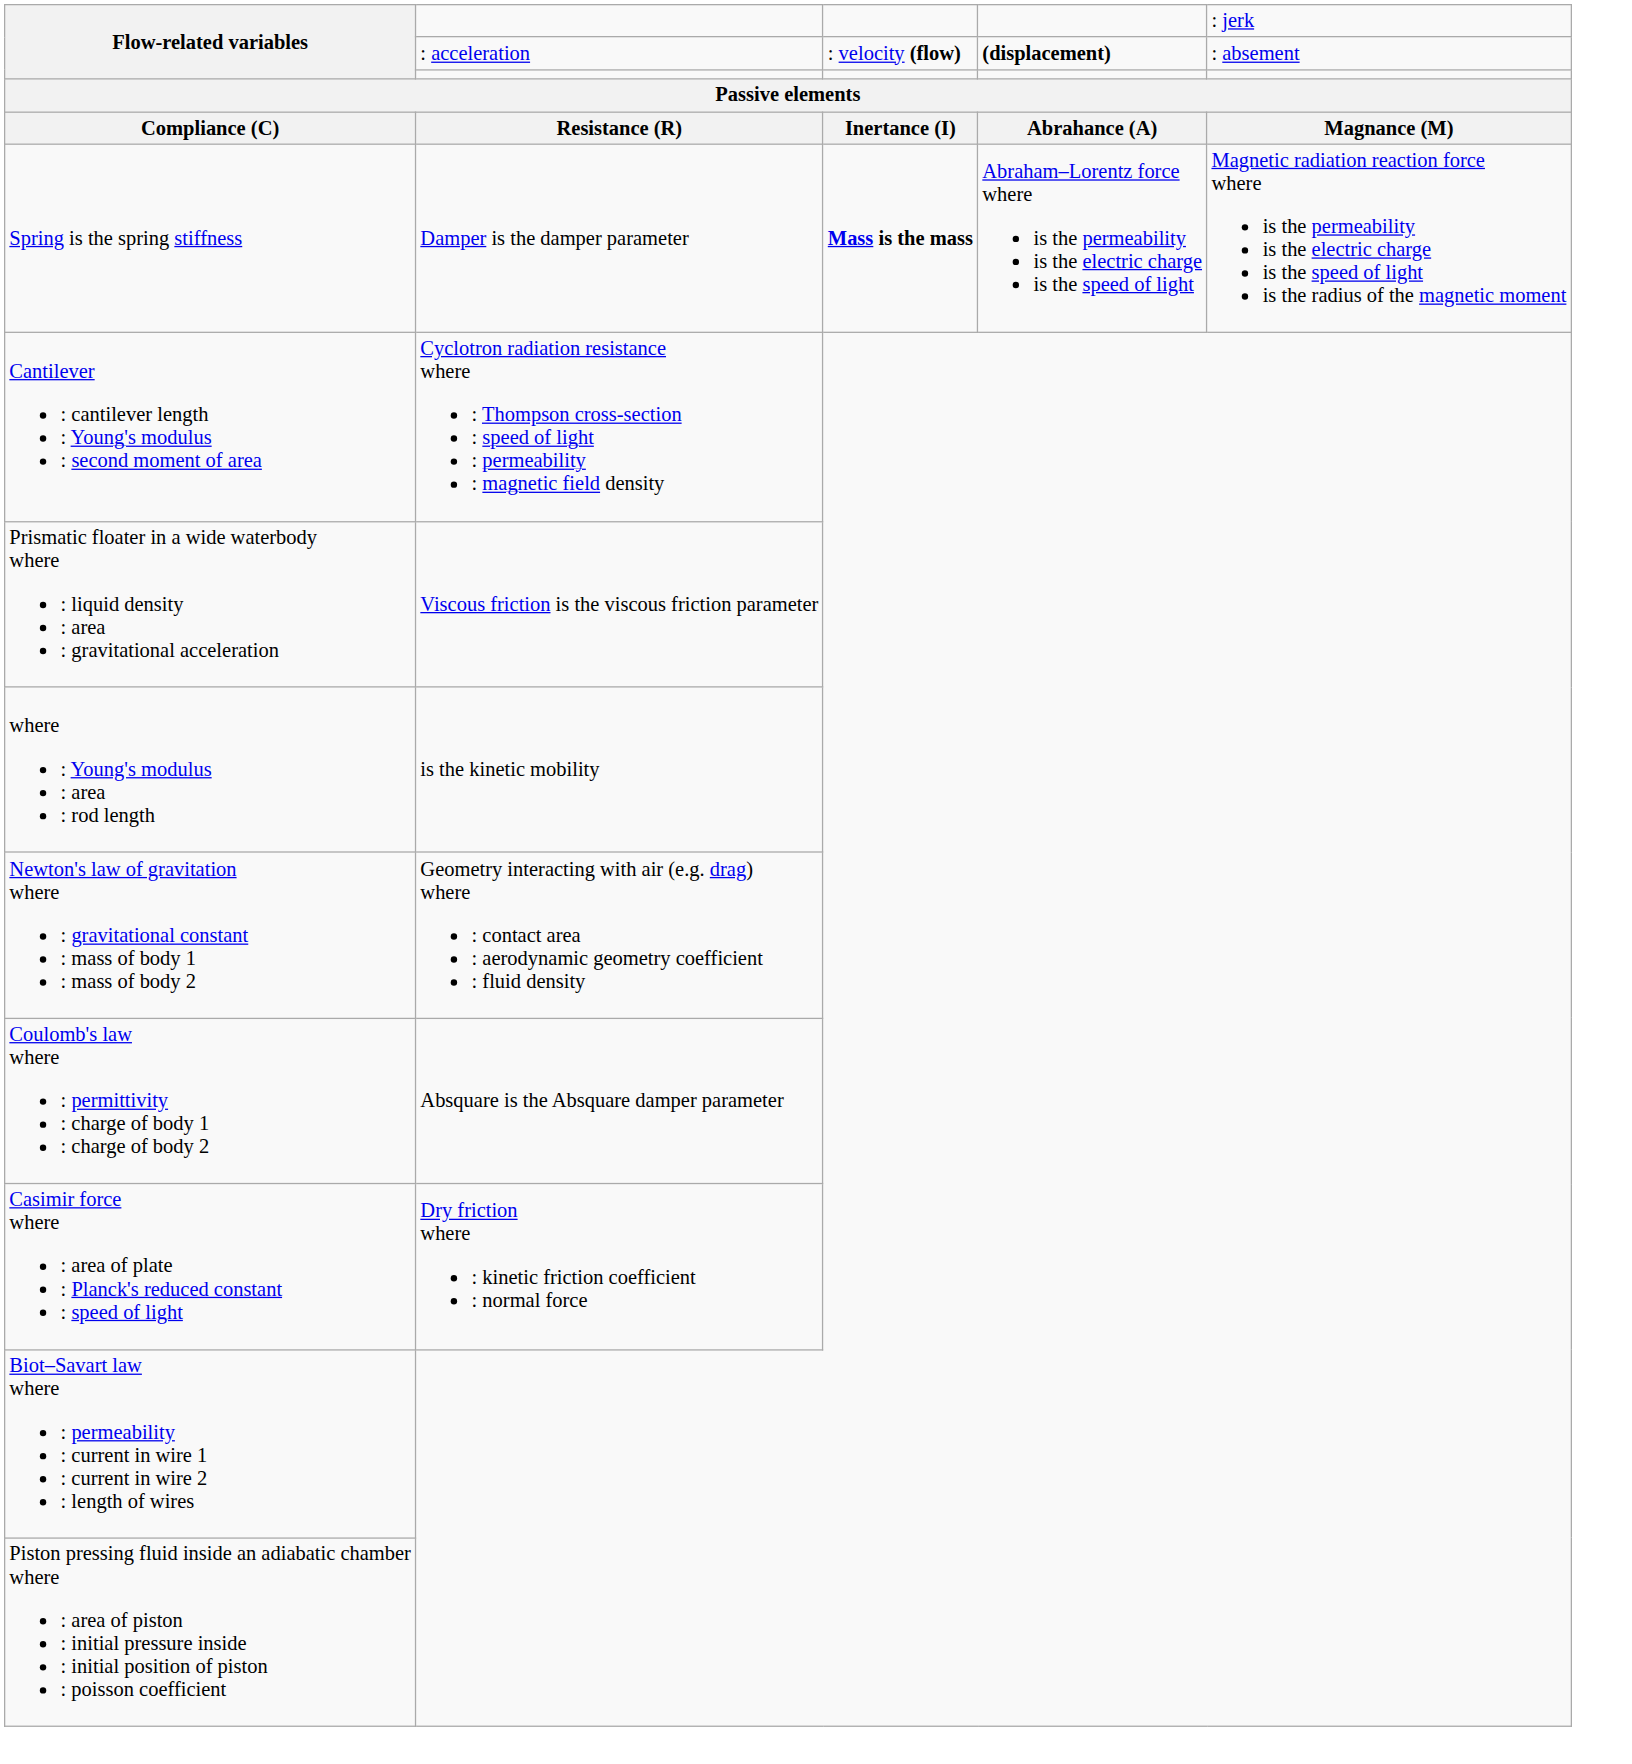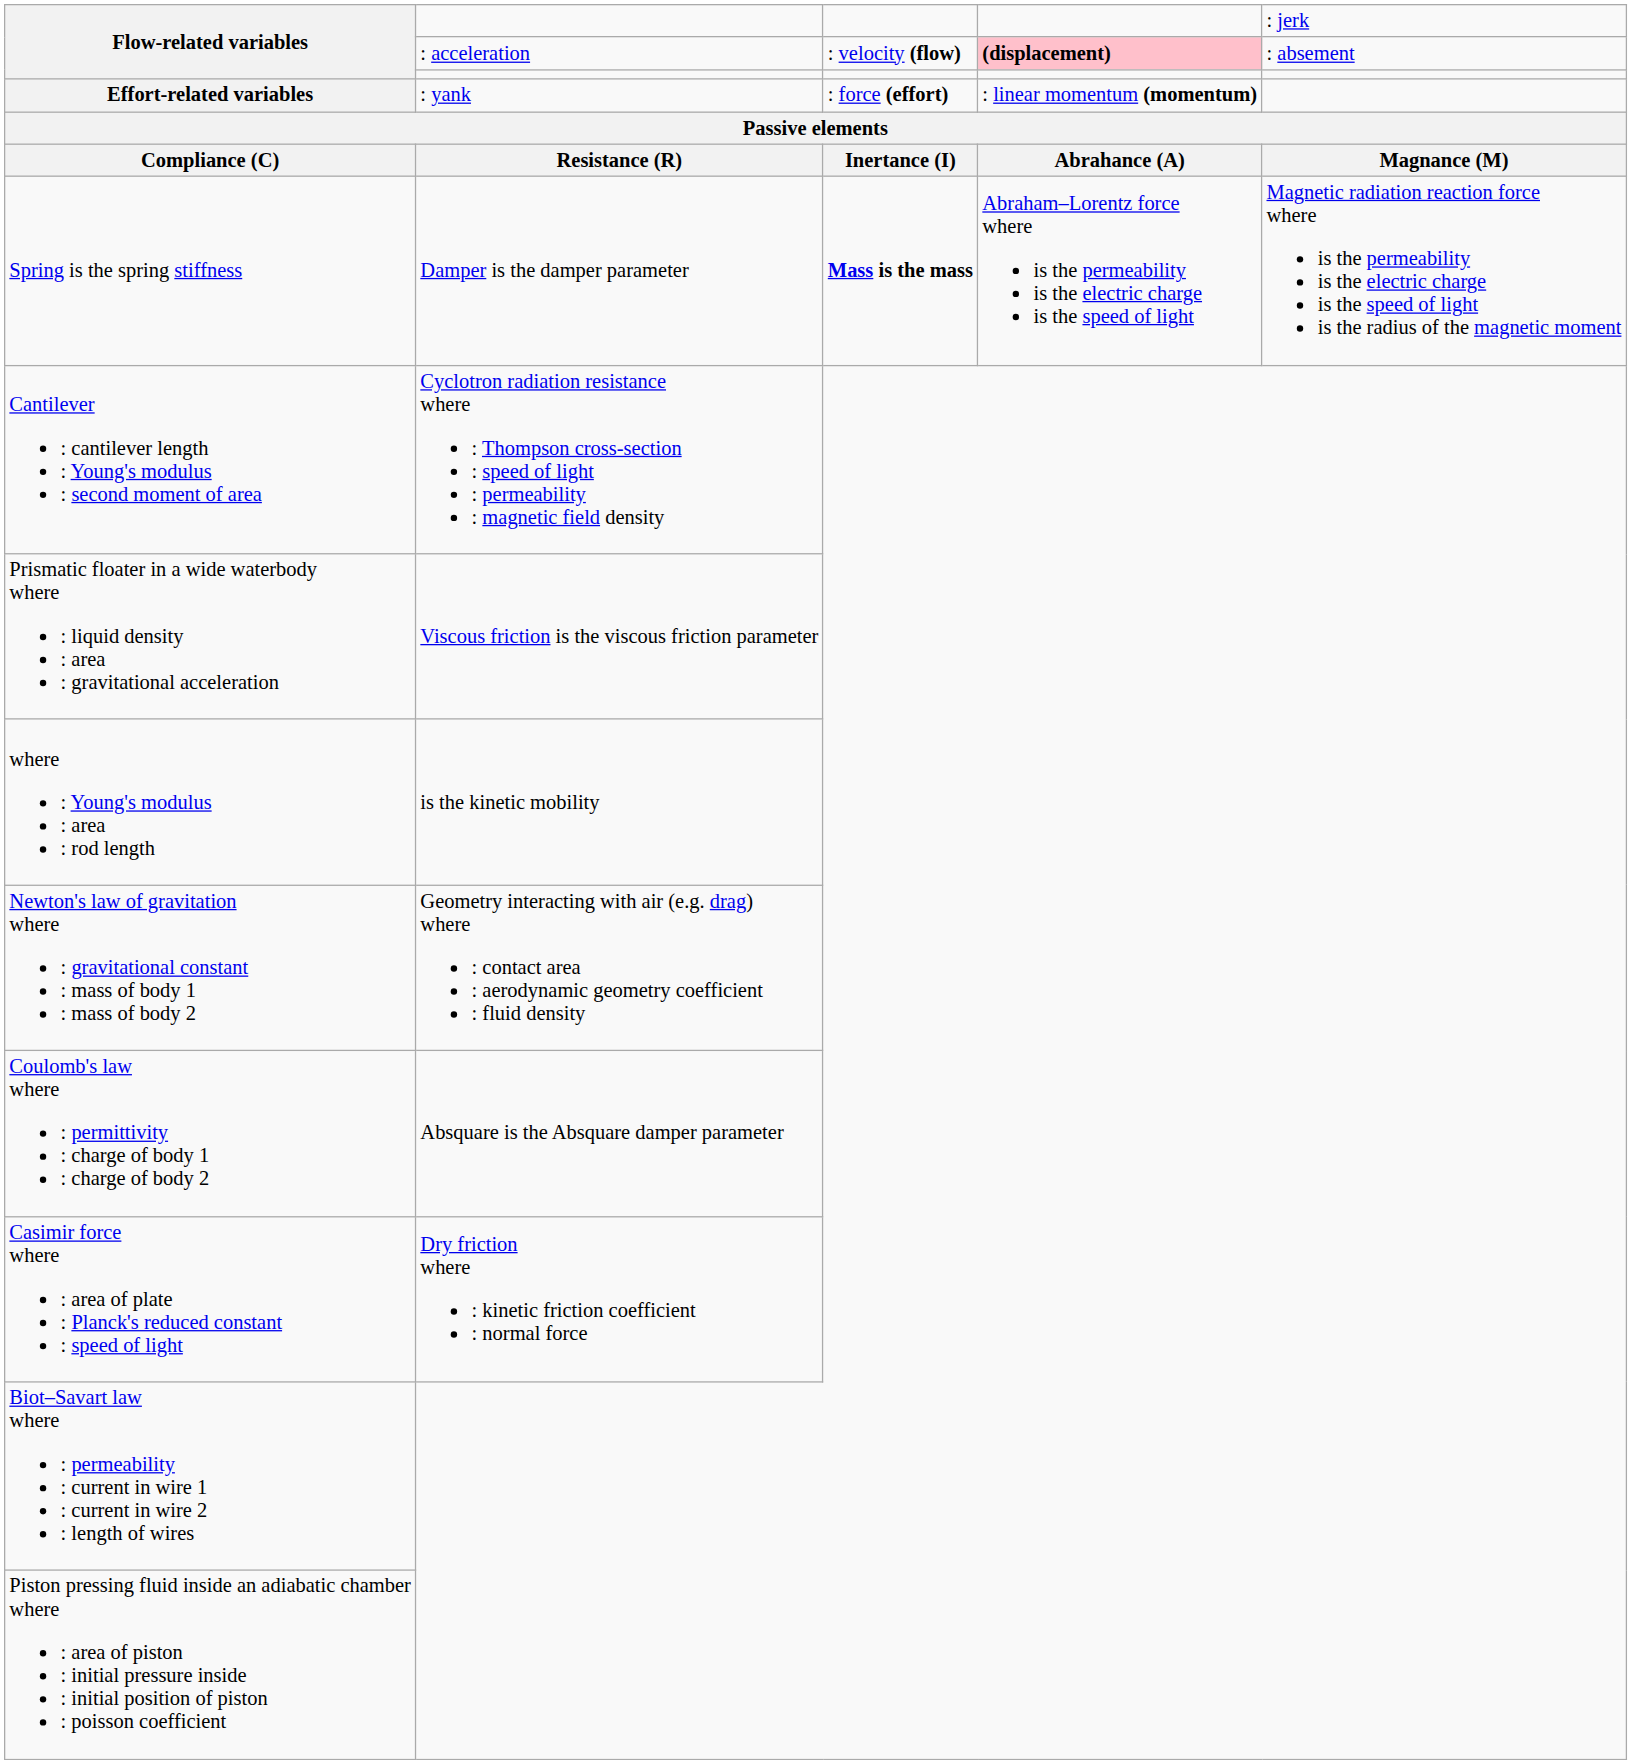 <table class="wikitable">
 <tr>
 <th rowspan="3">Flow-related variables</th>
 <td></td>
 <td></td>
 <td></td>
 <td>: <a href='#'>jerk</a></td>
 </tr>
 <tr>
 <td>: <a href='#'>acceleration</a></td>
 <td>: <a href='#'>velocity</a> <strong>(flow)</strong></td>
-<td> <strong>(displacement)</strong></td>
+<td style="background: pink;"> <strong>(displacement)</strong></td>
 <td>: <a href='#'>absement</a></td>
 </tr>
 <tr>
 <td></td>
 <td></td>
 <td></td>
+<td></td>
+</tr>
+<tr>
+<th>Effort-related variables</th>
+<td>: <a href='#'>yank</a></td>
+<td>: <a href='#'>force</a> <strong>(effort)</strong></td>
+<td>: <a href='#'>linear momentum</a> <strong>(momentum)</strong></td>
 <td></td>
 </tr>
 <tr>
 <th colspan="5">Passive elements</th>
 </tr>
 <tr>
 <th>Compliance (C)</th>
 <th>Resistance (R)</th>
 <th>Inertance (I)</th>
 <th>Abrahance (A)</th>
 <th>Magnance (M)</th>
 </tr>
 <tr>
 <td><a href='#'>Spring</a> is the spring <a href='#'>stiffness</a></td>
 <td><a href='#'>Damper</a> is the damper parameter</td>
 <td><strong><a href='#'>Mass</a> is the mass</strong></td>
 <td><a href='#'>Abraham–Lorentz force</a><br> where<ul><li> is the <a href='#'>permeability</a></li><li> is the <a href='#'>electric charge</a></li><li> is the <a href='#'>speed of light</a></li></ul></td>
 <td><a href='#'>Magnetic radiation reaction force</a><br> where<ul><li> is the <a href='#'>permeability</a></li><li> is the <a href='#'>electric charge</a></li><li> is the <a href='#'>speed of light</a></li><li> is the radius of the <a href='#'>magnetic moment</a></li></ul></td>
 </tr>
 <tr>
 <td><a href='#'>Cantilever</a><br><ul><li>: cantilever length</li><li>: <a href='#'>Young's modulus</a></li><li>: <a href='#'>second moment of area</a></li></ul></td>
 <td><a href='#'>Cyclotron radiation resistance</a><br> where<ul><li>: <a href='#'>Thompson cross-section</a></li><li>: <a href='#'>speed of light</a></li><li>: <a href='#'>permeability</a></li><li>: <a href='#'>magnetic field</a> density</li></ul></td>
 </tr>
 <tr>
 <td>Prismatic floater in a wide waterbody<br> where<ul><li>: liquid density</li><li>: area</li><li>: gravitational acceleration</li></ul></td>
 <td><a href='#'>Viscous friction</a> is the viscous friction parameter</td>
 </tr>
 <tr>
 <td><br>where<ul><li>: <a href='#'>Young's modulus</a></li><li>: area</li><li>: rod length</li></ul></td>
 <td> is the kinetic mobility</td>
 </tr>
 <tr>
 <td><a href='#'>Newton's law of gravitation</a><br> where<ul><li>: <a href='#'>gravitational constant</a></li><li>: mass of body 1</li><li>: mass of body 2</li></ul></td>
 <td>Geometry interacting with air (e.g. <a href='#'>drag</a>)<br> where<ul><li>: contact area</li><li>: aerodynamic geometry coefficient</li><li>: fluid density</li></ul></td>
 </tr>
 <tr>
 <td><a href='#'>Coulomb's law</a><br> where<ul><li>: <a href='#'>permittivity</a></li><li>: charge of body 1</li><li>: charge of body 2</li></ul></td>
 <td>Absquare is the Absquare damper parameter</td>
 </tr>
 <tr>
 <td><a href='#'>Casimir force</a><br> where<ul><li>: area of plate</li><li>: <a href='#'>Planck's reduced constant</a></li><li>: <a href='#'>speed of light</a></li></ul></td>
 <td><a href='#'>Dry friction</a><br> where<ul><li>: kinetic friction coefficient</li><li>: normal force</li></ul></td>
 </tr>
 <tr>
 <td><a href='#'>Biot–Savart law</a><br> where<ul><li>: <a href='#'>permeability</a></li><li>: current in wire 1</li><li>: current in wire 2</li><li>: length of wires</li></ul></td>
 </tr>
 <tr>
 <td>Piston pressing fluid inside an adiabatic chamber<br> where<ul><li>: area of piston</li><li>: initial pressure inside</li><li>: initial position of piston</li><li>: poisson coefficient</li></ul></td>
 </tr>
 </table>
